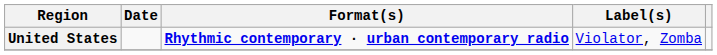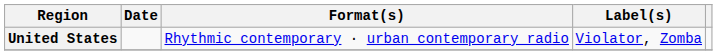 <table class="wikitable plainrowheaders" style="text-align:left">
 <tr>
 <th scope="col">Region</th>
 <th scope="col">Date</th>
 <th scope="col">Format(s)</th>
 <th scope="col">Label(s)</th>
 <th scope="col"></th>
 </tr>
 <tr>
 <th scope="row">United States</th>
 <td></td>
-<td><strong><a href='#'>Rhythmic contemporary</a> · <a href='#'>urban contemporary radio</a></strong></td>
+<td><a href='#'>Rhythmic contemporary</a> · <a href='#'>urban contemporary radio</a></td>
 <td><a href='#'>Violator</a>, <a href='#'>Zomba</a></td>
 <td></td>
 </tr>
 <tr>
 </tr>
 </table>
